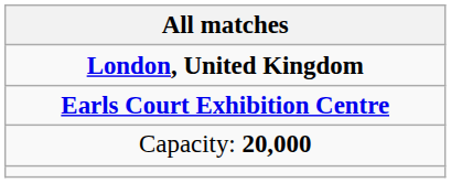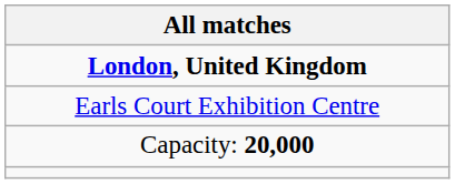 <table class="wikitable" style="text-align:center" width=280>
 <tr>
 <th>All matches</th>
 </tr>
 <tr>
 <td> <strong><a href='#'>London</a>, United Kingdom</strong></td>
 </tr>
 <tr>
-<td><strong><a href='#'>Earls Court Exhibition Centre</a></strong></td>
+<td><a href='#'>Earls Court Exhibition Centre</a></td>
 </tr>
 <tr>
 <td>Capacity: <strong>20,000</strong></td>
 </tr>
 <tr>
 <td></td>
 </tr>
 </table>
